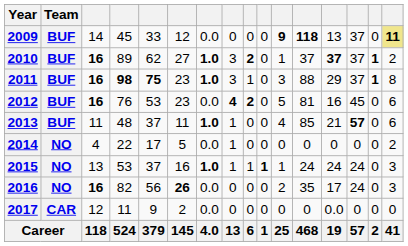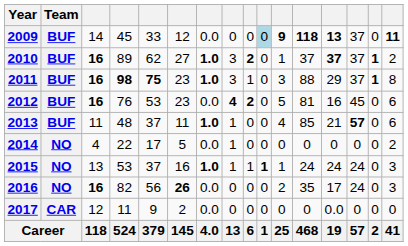 <table class="wikitable" style="text-align:center">
 <tr>
 <th>Year</th>
 <th>Team</th>
 <th></th>
 <th></th>
 <th></th>
 <th></th>
 <th></th>
 <th></th>
 <th></th>
 <th></th>
 <th></th>
 <th></th>
 <th></th>
 <th></th>
 <th></th>
 <th></th>
 </tr>
 <tr>
 <th><a href='#'>2009</a></th>
 <th><a href='#'>BUF</a></th>
 <td>14</td>
 <td>45</td>
 <td>33</td>
 <td>12</td>
 <td>0.0</td>
 <td>0</td>
 <td>0</td>
-<td>0</td>
+<td style="background: lightblue;">0</td>
 <td><strong>9</strong></td>
 <td><strong>118</strong></td>
-<td>13</td>
+<td><strong>13</strong></td>
 <td>37</td>
 <td>0</td>
-<td style="background: khaki;"><strong>11</strong></td>
+<td><strong>11</strong></td>
 </tr>
 <tr>
 <th><a href='#'>2010</a></th>
 <th><a href='#'>BUF</a></th>
 <td><strong>16</strong></td>
 <td>89</td>
 <td>62</td>
 <td>27</td>
 <td><strong>1.0</strong></td>
 <td>3</td>
 <td><strong>2</strong></td>
 <td>0</td>
 <td>1</td>
 <td>37</td>
 <td><strong>37</strong></td>
 <td>37</td>
 <td><strong>1</strong></td>
 <td>2</td>
 </tr>
 <tr>
 <th><a href='#'>2011</a></th>
 <th><a href='#'>BUF</a></th>
 <td><strong>16</strong></td>
 <td><strong>98</strong></td>
 <td><strong>75</strong></td>
 <td>23</td>
 <td><strong>1.0</strong></td>
 <td>3</td>
 <td>1</td>
 <td>0</td>
 <td>3</td>
 <td>88</td>
 <td>29</td>
 <td>37</td>
 <td><strong>1</strong></td>
 <td>8</td>
 </tr>
 <tr>
 <th><a href='#'>2012</a></th>
 <th><a href='#'>BUF</a></th>
 <td><strong>16</strong></td>
 <td>76</td>
 <td>53</td>
 <td>23</td>
 <td>0.0</td>
 <td><strong>4</strong></td>
 <td><strong>2</strong></td>
 <td>0</td>
 <td>5</td>
 <td>81</td>
 <td>16</td>
 <td>45</td>
 <td>0</td>
 <td>6</td>
 </tr>
 <tr>
 <th><a href='#'>2013</a></th>
 <th><a href='#'>BUF</a></th>
 <td>11</td>
 <td>48</td>
 <td>37</td>
 <td>11</td>
 <td><strong>1.0</strong></td>
 <td>1</td>
 <td>0</td>
 <td>0</td>
 <td>4</td>
 <td>85</td>
 <td>21</td>
 <td><strong>57</strong></td>
 <td>0</td>
 <td>6</td>
 </tr>
 <tr>
 <th><a href='#'>2014</a></th>
 <th><a href='#'>NO</a></th>
 <td>4</td>
 <td>22</td>
 <td>17</td>
 <td>5</td>
 <td>0.0</td>
 <td>1</td>
 <td>0</td>
 <td>0</td>
 <td>0</td>
 <td>0</td>
 <td>0</td>
 <td>0</td>
 <td>0</td>
 <td>2</td>
 </tr>
 <tr>
 <th><a href='#'>2015</a></th>
 <th><a href='#'>NO</a></th>
 <td>13</td>
 <td>53</td>
 <td>37</td>
 <td>16</td>
 <td><strong>1.0</strong></td>
 <td>1</td>
 <td>1</td>
 <td><strong>1</strong></td>
 <td>1</td>
 <td>24</td>
 <td>24</td>
 <td>24</td>
 <td>0</td>
 <td>3</td>
 </tr>
 <tr>
 <th><a href='#'>2016</a></th>
 <th><a href='#'>NO</a></th>
 <td><strong>16</strong></td>
 <td>82</td>
 <td>56</td>
 <td><strong>26</strong></td>
 <td>0.0</td>
 <td>0</td>
 <td>0</td>
 <td>0</td>
 <td>2</td>
 <td>35</td>
 <td>17</td>
 <td>24</td>
 <td>0</td>
 <td>3</td>
 </tr>
 <tr>
 <th><a href='#'>2017</a></th>
 <th><a href='#'>CAR</a></th>
 <td>12</td>
 <td>11</td>
 <td>9</td>
 <td>2</td>
 <td>0.0</td>
 <td>0</td>
 <td>0</td>
 <td>0</td>
 <td>0</td>
 <td>0</td>
 <td>0.0</td>
 <td>0</td>
 <td>0</td>
 <td>0</td>
 </tr>
 <tr class="sortbottom">
 <th colspan="2">Career</th>
 <th>118</th>
 <th>524</th>
 <th>379</th>
 <th>145</th>
 <th>4.0</th>
 <th>13</th>
 <th>6</th>
 <th>1</th>
 <th>25</th>
 <th>468</th>
 <th>19</th>
 <th>57</th>
 <th>2</th>
 <th>41</th>
 </tr>
 </table>
